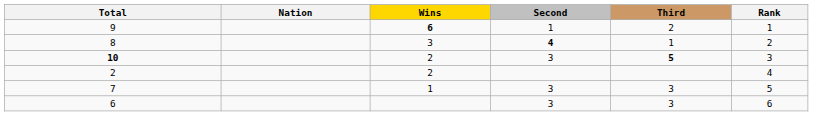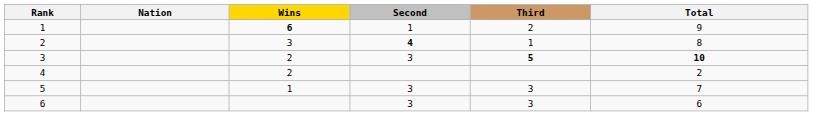 <table class="wikitable collapsible autocollapse plainrowheaders" width=70.5% style="text-align:center;">
 <tr style="background-color:#EDEDED;">
-<th>Total</th>
+<th width=100px class="hintergrundfarbe5">Rank</th>
 <th width=200px class="hintergrundfarbe6">Nation</th>
 <th style="background:    gold; width:15%">Wins</th>
 <th style="background:  silver; width:15%">Second</th>
 <th style="background: #CC9966; width:15%">Third</th>
-<th width=100px class="hintergrundfarbe5">Rank</th>
+<th>Total</th>
 </tr>
 <tr>
-<td>9</td>
+<td>1</td>
 <td align="left"></td>
 <td><strong>6</strong></td>
 <td>1</td>
 <td>2</td>
-<td>1</td>
+<td>9</td>
 </tr>
 <tr>
-<td>8</td>
+<td>2</td>
 <td align="left"></td>
 <td>3</td>
 <td><strong>4</strong></td>
 <td>1</td>
-<td>2</td>
+<td>8</td>
 </tr>
 <tr>
-<td><strong>10</strong></td>
+<td>3</td>
 <td align="left"></td>
 <td>2</td>
 <td>3</td>
 <td><strong>5</strong></td>
-<td>3</td>
+<td><strong>10</strong></td>
 </tr>
 <tr>
-<td>2</td>
+<td>4</td>
 <td align="left"></td>
 <td>2</td>
 <td></td>
 <td></td>
-<td>4</td>
+<td>2</td>
 </tr>
 <tr>
-<td>7</td>
+<td>5</td>
 <td align="left"></td>
 <td>1</td>
 <td>3</td>
 <td>3</td>
-<td>5</td>
+<td>7</td>
 </tr>
 <tr>
 <td>6</td>
 <td align="left"></td>
 <td></td>
 <td>3</td>
 <td>3</td>
 <td>6</td>
 </tr>
 </table>
